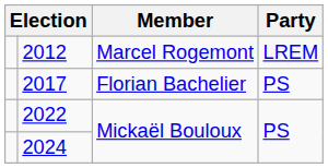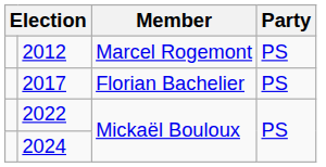 <table class="wikitable">
 <tr>
 <th colspan="2">Election</th>
 <th>Member</th>
 <th>Party</th>
 </tr>
 <tr>
 <td style="color:inherit;background-color: "></td>
 <td><a href='#'>2012</a></td>
 <td><a href='#'>Marcel Rogemont</a></td>
-<td><a href='#'>LREM</a></td>
+<td><a href='#'>PS</a></td>
 </tr>
 <tr>
 <td style="color:inherit;background-color: "></td>
 <td><a href='#'>2017</a></td>
 <td><a href='#'>Florian Bachelier</a></td>
 <td><a href='#'>PS</a></td>
 </tr>
 <tr>
 <td style="color:inherit;background-color: "></td>
 <td><a href='#'>2022</a></td>
 <td rowspan=2><a href='#'>Mickaël Bouloux</a></td>
 <td rowspan=2><a href='#'>PS</a></td>
 </tr>
 <tr>
 <td style="color:inherit;background-color: "></td>
 <td><a href='#'>2024</a></td>
 </tr>
 </table>
